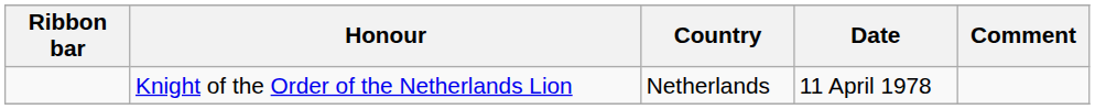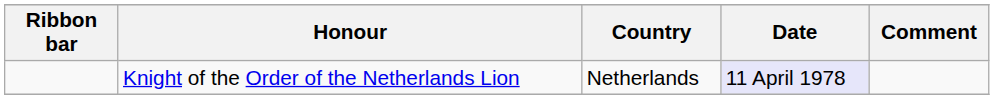 <table class="wikitable" style="width:60%;">
 <tr style="background:#ccf;">
 </tr>
 <tr>
 <th style="width:80px;">Ribbon bar</th>
 <th>Honour</th>
 <th>Country</th>
 <th>Date</th>
 <th>Comment</th>
 </tr>
 <tr>
 <td></td>
 <td><a href='#'>Knight</a> of the <a href='#'>Order of the Netherlands Lion</a></td>
 <td>Netherlands</td>
-<td>11 April 1978</td>
+<td style="background: lavender;">11 April 1978</td>
 <td></td>
 </tr>
 <tr>
 </tr>
 </table>
